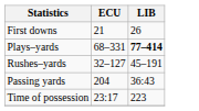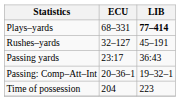 <table class="wikitable" style="float: left;">
 <tr>
 <th>Statistics</th>
 <th>ECU</th>
 <th>LIB</th>
-</tr>
-<tr>
-<td>First downs</td>
-<td>21</td>
-<td>26</td>
 </tr>
 <tr>
 <td>Plays–yards</td>
 <td>68–331</td>
 <td><strong>77–414</strong></td>
 </tr>
 <tr>
 <td>Rushes–yards</td>
 <td>32–127</td>
 <td>45–191</td>
 </tr>
 <tr>
 <td>Passing yards</td>
-<td>204</td>
+<td>23:17</td>
 <td>36:43</td>
 </tr>
 <tr>
+<td>Passing: Comp–Att–Int</td>
+<td>20–36–1</td>
+<td>19–32–1</td>
+</tr>
+<tr>
 <td>Time of possession</td>
-<td>23:17</td>
+<td>204</td>
 <td>223</td>
 </tr>
 <tr>
 </tr>
 </table>
